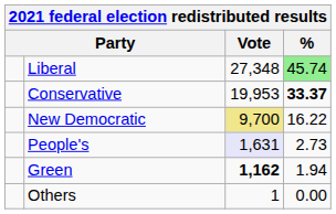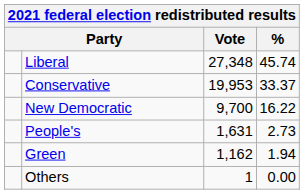 <table class="wikitable">
 <tr>
 <th colspan="4"><a href='#'>2021 federal election</a> redistributed results</th>
 </tr>
 <tr>
 <th bgcolor="#DDDDFF" width="130px" colspan="2">Party</th>
 <th bgcolor="#DDDDFF" width="50px">Vote</th>
 <th bgcolor="#DDDDFF" width="30px">%</th>
 </tr>
 <tr>
 <td> </td>
 <td><a href='#'>Liberal</a></td>
 <td align=right>27,348</td>
-<td align=right style="background: lightgreen;">45.74</td>
+<td align=right>45.74</td>
 </tr>
 <tr>
 <td> </td>
 <td><a href='#'>Conservative</a></td>
 <td align=right>19,953</td>
-<td align=right><strong>33.37</strong></td>
+<td align=right>33.37</td>
 </tr>
 <tr>
 <td> </td>
 <td><a href='#'>New Democratic</a></td>
-<td align=right style="background: khaki;">9,700</td>
+<td align=right>9,700</td>
 <td align=right>16.22</td>
 </tr>
 <tr>
 <td> </td>
 <td><a href='#'>People's</a></td>
-<td align=right style="background: lavender;">1,631</td>
+<td align=right>1,631</td>
 <td align=right>2.73</td>
 </tr>
 <tr>
 <td> </td>
 <td><a href='#'>Green</a></td>
-<td align=right><strong>1,162</strong></td>
+<td align=right>1,162</td>
 <td align=right>1.94</td>
 </tr>
 <tr>
 <td> </td>
 <td>Others</td>
 <td align=right>1</td>
 <td align=right>0.00</td>
 </tr>
 </table>
